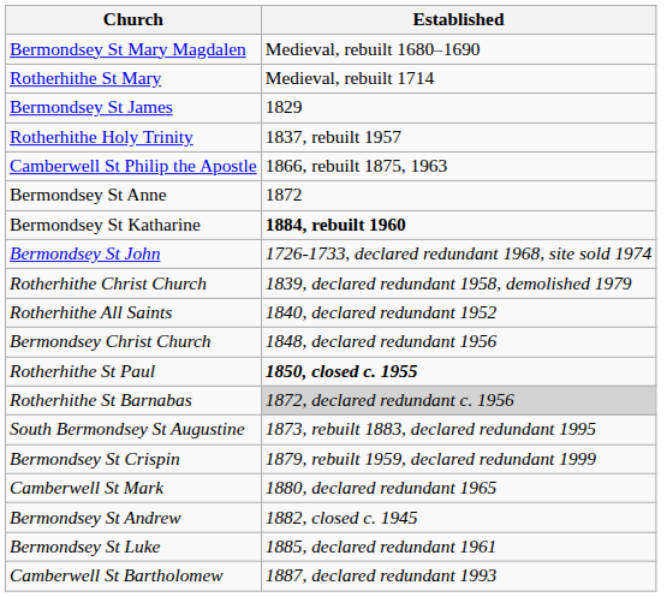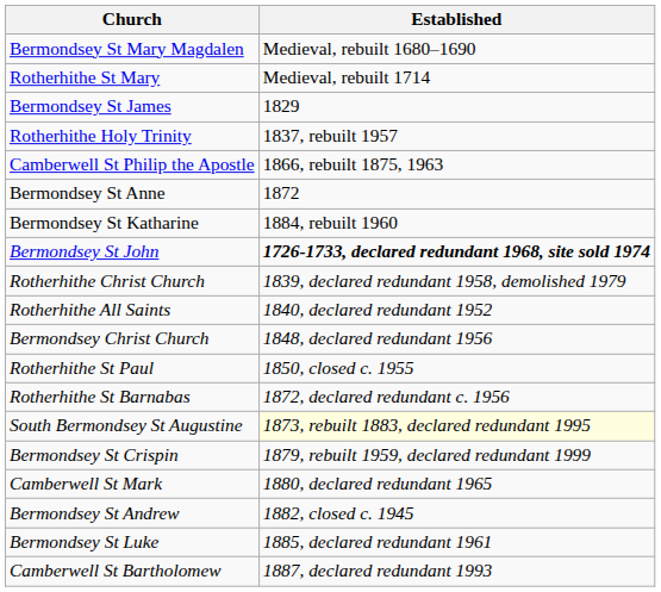 <table class="wikitable">
 <tr>
 <th>Church</th>
 <th>Established</th>
 </tr>
 <tr>
 <td><a href='#'>Bermondsey St Mary Magdalen</a></td>
 <td>Medieval, rebuilt 1680–1690</td>
 </tr>
 <tr>
 <td><a href='#'>Rotherhithe St Mary</a></td>
 <td>Medieval, rebuilt 1714</td>
 </tr>
 <tr>
 <td><a href='#'>Bermondsey St James</a></td>
 <td>1829</td>
 </tr>
 <tr>
 <td><a href='#'>Rotherhithe Holy Trinity</a></td>
 <td>1837, rebuilt 1957</td>
 </tr>
 <tr>
 <td><a href='#'>Camberwell St Philip the Apostle</a></td>
 <td>1866, rebuilt 1875, 1963</td>
 </tr>
 <tr>
 <td>Bermondsey St Anne</td>
 <td>1872</td>
 </tr>
 <tr>
 <td>Bermondsey St Katharine</td>
-<td><strong>1884, rebuilt 1960</strong></td>
+<td>1884, rebuilt 1960</td>
 </tr>
 <tr>
 <td><a href='#'><em>Bermondsey St John</em></a></td>
-<td><em>1726-1733, declared redundant 1968, site sold 1974</em></td>
+<td><strong><em>1726-1733, declared redundant 1968, site sold 1974</em></strong></td>
 </tr>
 <tr>
 <td><em>Rotherhithe Christ Church</em></td>
 <td><em>1839, declared redundant 1958, demolished 1979</em></td>
 </tr>
 <tr>
 <td><em>Rotherhithe All Saints</em></td>
 <td><em>1840, declared redundant 1952</em></td>
 </tr>
 <tr>
 <td><em>Bermondsey Christ Church</em></td>
 <td><em>1848, declared redundant 1956</em></td>
 </tr>
 <tr>
 <td><em>Rotherhithe St Paul</em></td>
-<td><strong><em>1850, closed c. 1955</em></strong></td>
+<td><em>1850, closed c. 1955</em></td>
 </tr>
 <tr>
 <td><em>Rotherhithe St Barnabas</em></td>
-<td style="background: lightgrey;"><em>1872, declared redundant c. 1956</em></td>
+<td><em>1872, declared redundant c. 1956</em></td>
 </tr>
 <tr>
 <td><em>South Bermondsey St Augustine</em></td>
-<td><em>1873, rebuilt 1883, declared redundant 1995</em></td>
+<td style="background: lightyellow;"><em>1873, rebuilt 1883, declared redundant 1995</em></td>
 </tr>
 <tr>
 <td><em>Bermondsey St Crispin</em></td>
 <td><em>1879, rebuilt 1959, declared redundant 1999</em></td>
 </tr>
 <tr>
 <td><em>Camberwell St Mark</em></td>
 <td><em>1880, declared redundant 1965</em></td>
 </tr>
 <tr>
 <td><em>Bermondsey St Andrew</em></td>
 <td><em>1882, closed c. 1945</em></td>
 </tr>
 <tr>
 <td><em>Bermondsey St Luke</em></td>
 <td><em>1885, declared redundant 1961</em></td>
 </tr>
 <tr>
 <td><em>Camberwell St Bartholomew</em></td>
 <td><em>1887, declared redundant 1993</em></td>
 </tr>
 </table>
